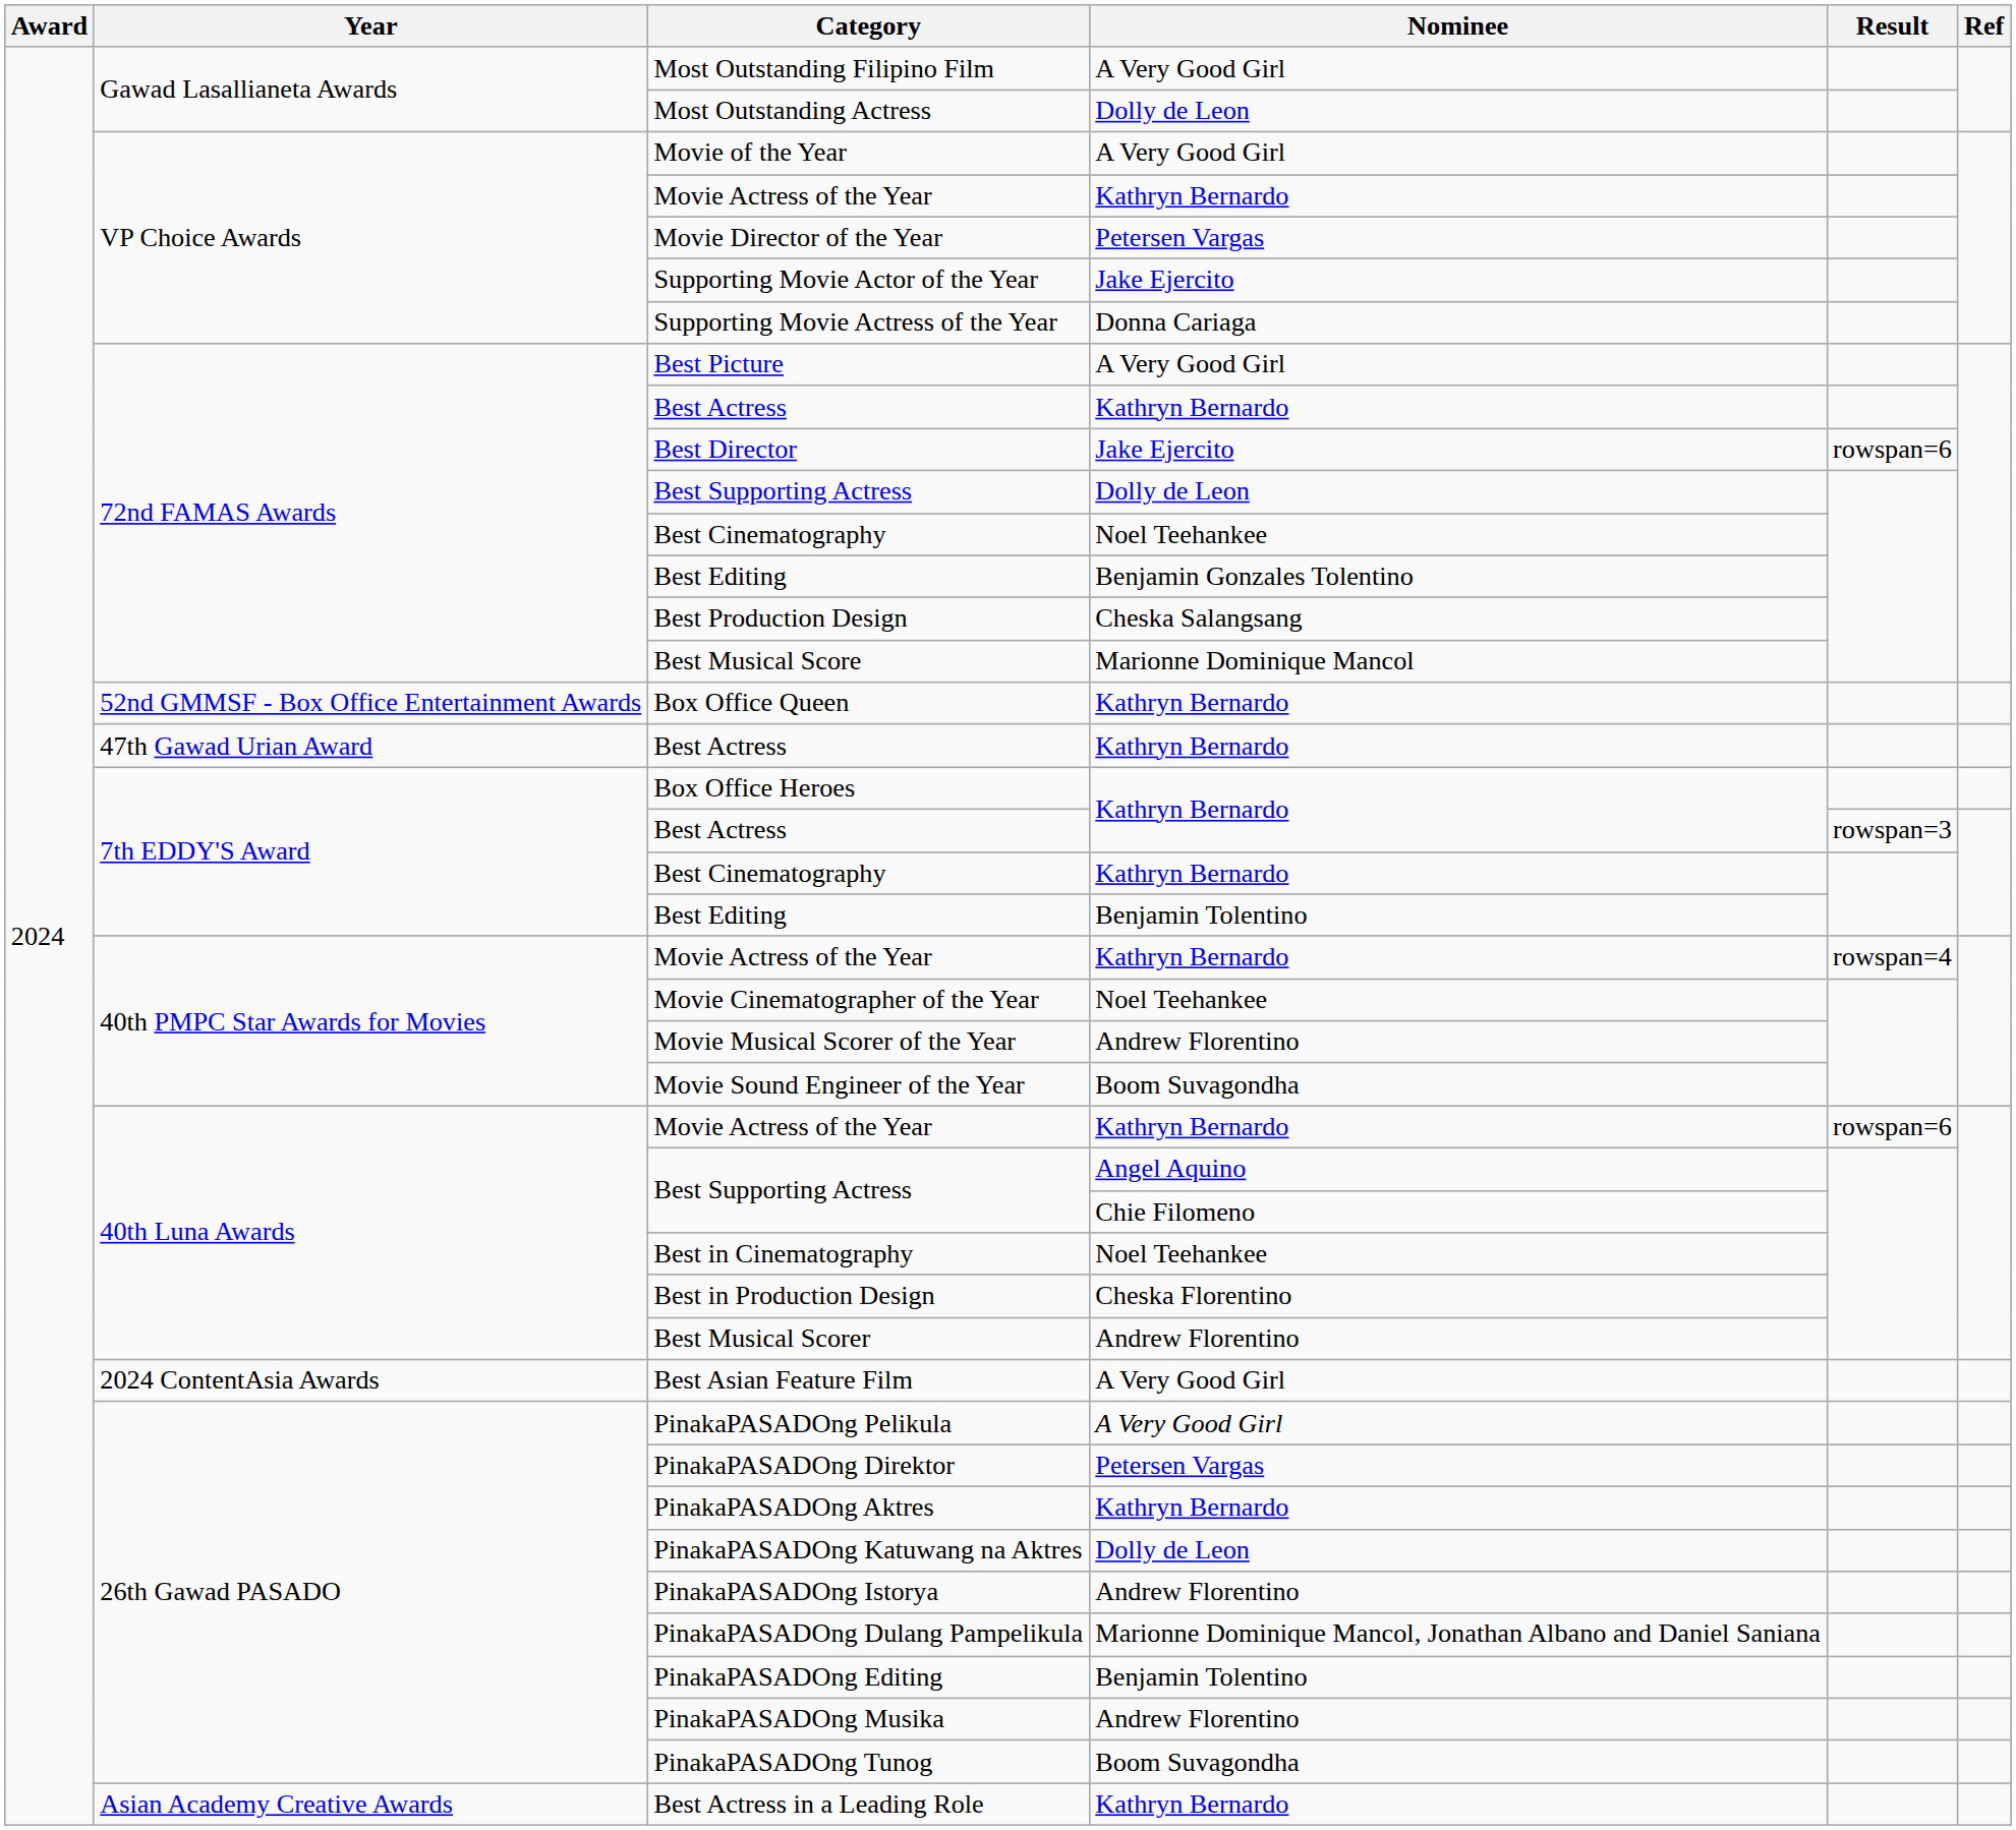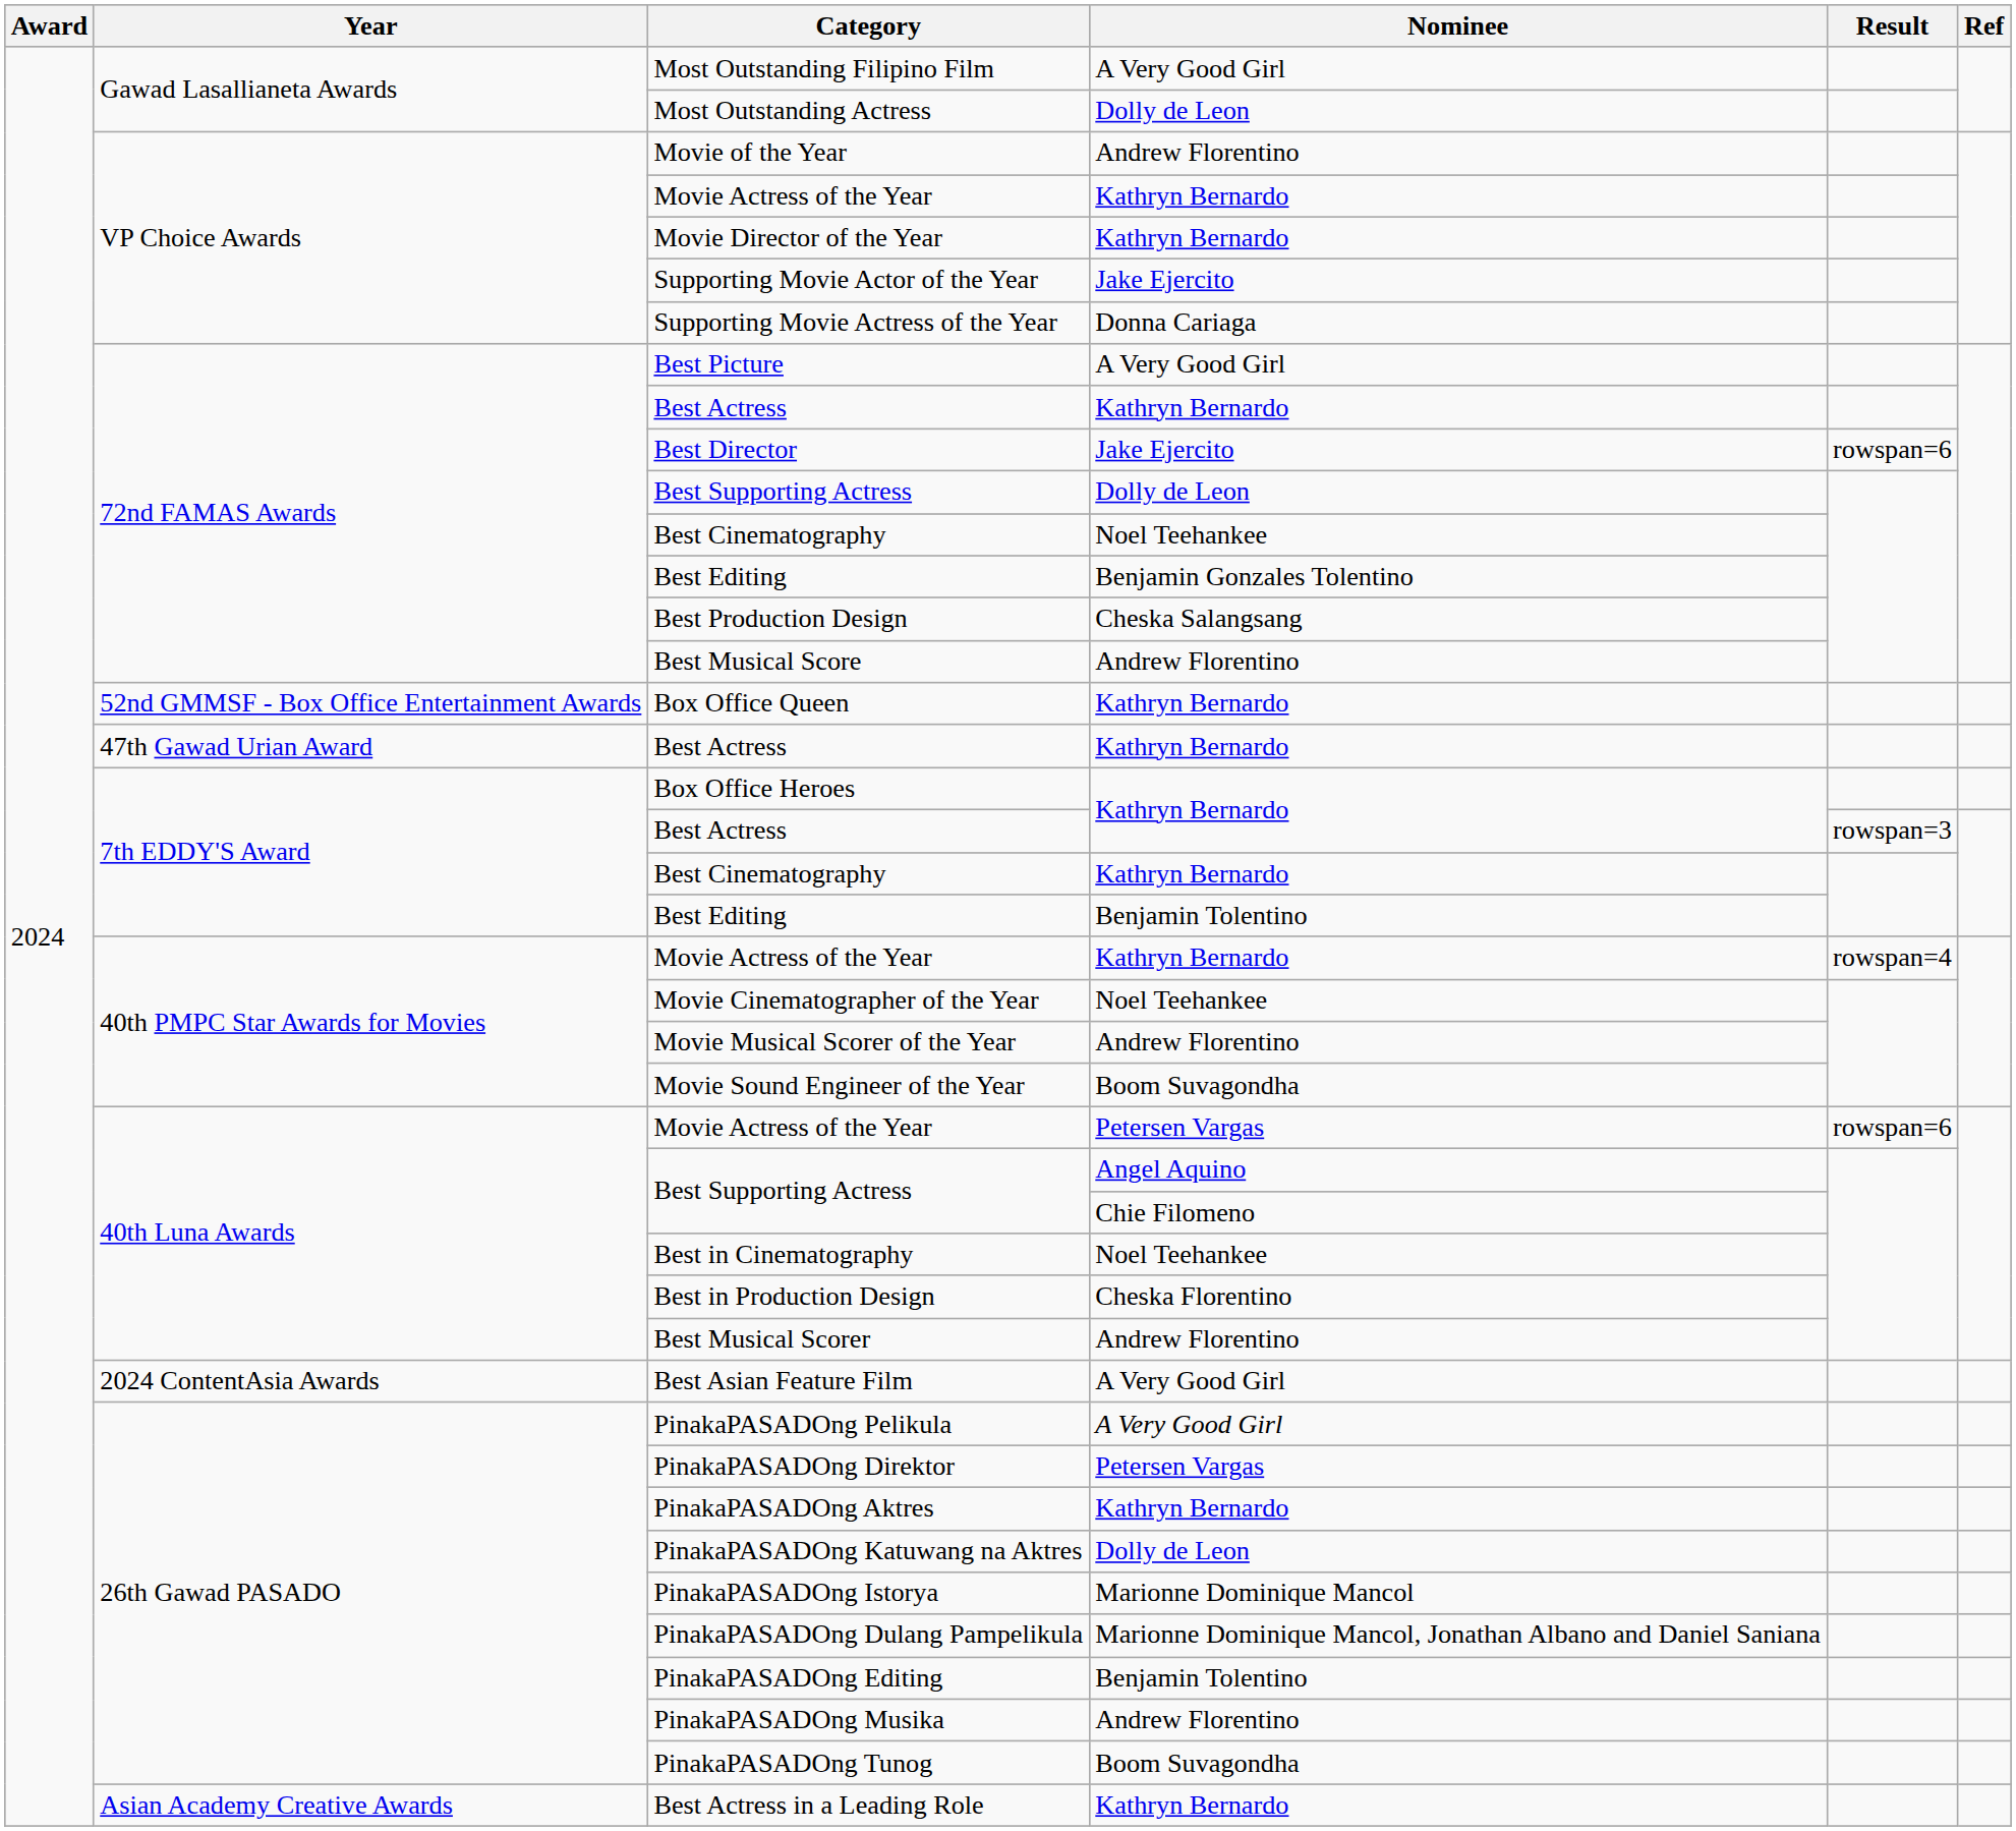 <table class="wikitable">
 <tr>
 <th class="unsortable">Award</th>
 <th>Year</th>
 <th class="unsortable">Category</th>
 <th>Nominee</th>
 <th class="unsortable">Result</th>
 <th class="unsortable">Ref</th>
 </tr>
 <tr>
 <td rowspan="42">2024</td>
 <td rowspan="2">Gawad Lasallianeta Awards</td>
 <td>Most Outstanding Filipino Film</td>
 <td>A Very Good Girl</td>
 <td></td>
 <td rowspan="2"></td>
 </tr>
 <tr>
 <td>Most Outstanding Actress</td>
 <td><a href='#'>Dolly de Leon</a></td>
 <td></td>
 </tr>
 <tr>
 <td rowspan="5">VP Choice Awards</td>
 <td>Movie of the Year</td>
-<td>A Very Good Girl</td>
+<td>Andrew Florentino</td>
 <td></td>
 <td rowspan="5"></td>
 </tr>
 <tr>
 <td>Movie Actress of the Year</td>
 <td><a href='#'>Kathryn Bernardo</a></td>
 <td></td>
 </tr>
 <tr>
 <td>Movie Director of the Year</td>
-<td><a href='#'>Petersen Vargas</a></td>
+<td><a href='#'>Kathryn Bernardo</a></td>
 <td></td>
 </tr>
 <tr>
 <td>Supporting Movie Actor of the Year</td>
 <td><a href='#'>Jake Ejercito</a></td>
 <td></td>
 </tr>
 <tr>
 <td>Supporting Movie Actress of the Year</td>
 <td>Donna Cariaga</td>
 <td></td>
 </tr>
 <tr>
 <td rowspan="8"><a href='#'>72nd FAMAS Awards</a></td>
 <td><a href='#'>Best Picture</a></td>
 <td>A Very Good Girl</td>
 <td></td>
 <td rowspan="8"></td>
 </tr>
 <tr>
 <td><a href='#'>Best Actress</a></td>
 <td><a href='#'>Kathryn Bernardo</a></td>
 <td></td>
 </tr>
 <tr>
 <td><a href='#'>Best Director</a></td>
 <td><a href='#'>Jake Ejercito</a></td>
 <td>rowspan=6 </td>
 </tr>
 <tr>
 <td><a href='#'>Best Supporting Actress</a></td>
 <td><a href='#'>Dolly de Leon</a></td>
 </tr>
 <tr>
 <td>Best Cinematography</td>
 <td>Noel Teehankee</td>
 </tr>
 <tr>
 <td>Best Editing</td>
 <td>Benjamin Gonzales Tolentino</td>
 </tr>
 <tr>
 <td>Best Production Design</td>
 <td>Cheska Salangsang</td>
 </tr>
 <tr>
 <td>Best Musical Score</td>
-<td>Marionne Dominique Mancol</td>
+<td>Andrew Florentino</td>
 </tr>
 <tr>
 <td><a href='#'>52nd GMMSF - Box Office Entertainment Awards</a></td>
 <td>Box Office Queen</td>
 <td><a href='#'>Kathryn Bernardo</a></td>
 <td></td>
 <td></td>
 </tr>
 <tr>
 <td>47th <a href='#'>Gawad Urian Award</a></td>
 <td>Best Actress</td>
 <td><a href='#'>Kathryn Bernardo</a></td>
 <td></td>
 <td></td>
 </tr>
 <tr>
 <td rowspan=4><a href='#'>7th EDDY'S Award</a></td>
 <td>Box Office Heroes</td>
 <td rowspan=2><a href='#'>Kathryn Bernardo</a></td>
 <td></td>
 <td></td>
 </tr>
 <tr>
 <td>Best Actress</td>
 <td>rowspan=3 </td>
 <td rowspan=3></td>
 </tr>
 <tr>
 <td>Best Cinematography</td>
 <td><a href='#'>Kathryn Bernardo</a></td>
 </tr>
 <tr>
 <td>Best Editing</td>
 <td>Benjamin Tolentino</td>
 </tr>
 <tr>
 <td rowspan=4>40th <a href='#'>PMPC Star Awards for Movies</a></td>
 <td>Movie Actress of the Year</td>
 <td><a href='#'>Kathryn Bernardo</a></td>
 <td>rowspan=4 </td>
 <td rowspan=4></td>
 </tr>
 <tr>
 <td>Movie Cinematographer of the Year</td>
 <td>Noel Teehankee</td>
 </tr>
 <tr>
 <td>Movie Musical Scorer of the Year</td>
 <td>Andrew Florentino</td>
 </tr>
 <tr>
 <td>Movie Sound Engineer of the Year</td>
 <td>Boom Suvagondha</td>
 </tr>
 <tr>
 <td rowspan=6><a href='#'>40th Luna Awards</a></td>
 <td>Movie Actress of the Year</td>
-<td><a href='#'>Kathryn Bernardo</a></td>
+<td><a href='#'>Petersen Vargas</a></td>
 <td>rowspan=6 </td>
 <td rowspan=6></td>
 </tr>
 <tr>
 <td rowspan=2>Best Supporting Actress</td>
 <td><a href='#'>Angel Aquino</a></td>
 </tr>
 <tr>
 <td>Chie Filomeno</td>
 </tr>
 <tr>
 <td>Best in Cinematography</td>
 <td>Noel Teehankee</td>
 </tr>
 <tr>
 <td>Best in Production Design</td>
 <td>Cheska Florentino</td>
 </tr>
 <tr>
 <td>Best Musical Scorer</td>
 <td>Andrew Florentino</td>
 </tr>
 <tr>
 <td>2024 ContentAsia Awards</td>
 <td>Best Asian Feature Film</td>
 <td>A Very Good Girl</td>
 <td></td>
 <td></td>
 </tr>
 <tr>
 <td rowspan=9>26th Gawad PASADO</td>
 <td>PinakaPASADOng Pelikula</td>
 <td><em>A Very Good Girl</em></td>
 <td></td>
 <td></td>
 </tr>
 <tr>
 <td>PinakaPASADOng Direktor</td>
 <td><a href='#'>Petersen Vargas</a></td>
 <td></td>
 <td></td>
 </tr>
 <tr>
 <td>PinakaPASADOng Aktres</td>
 <td><a href='#'>Kathryn Bernardo</a></td>
 <td></td>
 <td></td>
 </tr>
 <tr>
 <td>PinakaPASADOng Katuwang na Aktres</td>
 <td><a href='#'>Dolly de Leon</a></td>
 <td></td>
 <td></td>
 </tr>
 <tr>
 <td>PinakaPASADOng Istorya</td>
-<td>Andrew Florentino</td>
+<td>Marionne Dominique Mancol</td>
 <td></td>
 <td></td>
 </tr>
 <tr>
 <td>PinakaPASADOng Dulang Pampelikula</td>
 <td>Marionne Dominique Mancol, Jonathan Albano and Daniel Saniana</td>
 <td></td>
 <td></td>
 </tr>
 <tr>
 <td>PinakaPASADOng Editing</td>
 <td>Benjamin Tolentino</td>
 <td></td>
 <td></td>
 </tr>
 <tr>
 <td>PinakaPASADOng Musika</td>
 <td>Andrew Florentino</td>
 <td></td>
 <td></td>
 </tr>
 <tr>
 <td>PinakaPASADOng Tunog</td>
 <td>Boom Suvagondha</td>
 <td></td>
 <td></td>
 </tr>
 <tr>
 <td><a href='#'>Asian Academy Creative Awards</a></td>
 <td>Best Actress in a Leading Role</td>
 <td><a href='#'>Kathryn Bernardo</a></td>
 <td></td>
 <td></td>
 </tr>
 </table>
